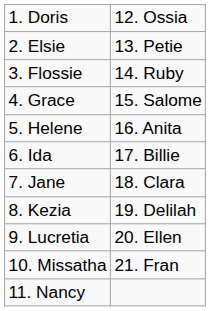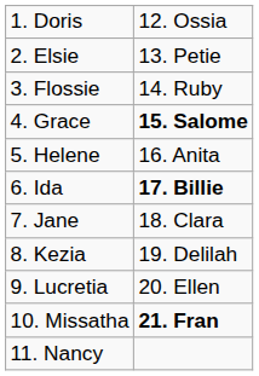 <table class="wikitable">
 <tr>
 <td>1. Doris</td>
 <td>12. Ossia</td>
 </tr>
 <tr>
 <td>2. Elsie</td>
 <td>13. Petie</td>
 </tr>
 <tr>
 <td>3. Flossie</td>
 <td>14. Ruby</td>
 </tr>
 <tr>
 <td>4. Grace</td>
-<td>15. Salome</td>
+<td><strong>15. Salome</strong></td>
 </tr>
 <tr>
 <td>5. Helene</td>
 <td>16. Anita</td>
 </tr>
 <tr>
 <td>6. Ida</td>
-<td>17. Billie</td>
+<td><strong>17. Billie</strong></td>
 </tr>
 <tr>
 <td>7. Jane</td>
 <td>18. Clara</td>
 </tr>
 <tr>
 <td>8. Kezia</td>
 <td>19. Delilah</td>
 </tr>
 <tr>
 <td>9. Lucretia</td>
 <td>20. Ellen</td>
 </tr>
 <tr>
 <td>10. Missatha</td>
-<td>21. Fran</td>
+<td><strong>21. Fran</strong></td>
 </tr>
 <tr>
 <td>11. Nancy</td>
 <td></td>
 </tr>
 </table>
